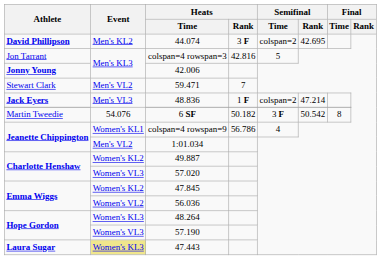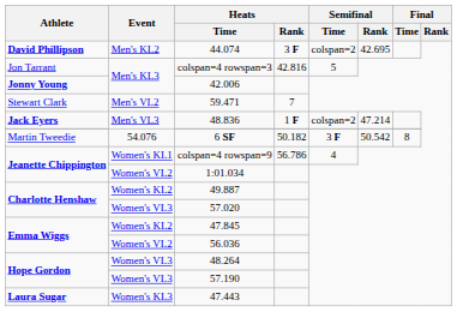 <table class="wikitable" style="font-size:90%">
 <tr>
 <th rowspan="2">Athlete</th>
 <th rowspan="2">Event</th>
 <th colspan="2">Heats</th>
 <th colspan="2">Semifinal</th>
 <th colspan="2">Final</th>
 </tr>
 <tr>
 <th>Time</th>
 <th>Rank</th>
 <th>Time</th>
 <th>Rank</th>
 <th>Time</th>
 <th>Rank</th>
 </tr>
 <tr align=center>
 <td align=left><strong><a href='#'>David Phillipson</a></strong></td>
 <td align=left><a href='#'>Men's KL2</a></td>
 <td>44.074</td>
 <td>3 <strong>F</strong></td>
 <td>colspan=2 </td>
 <td>42.695</td>
 <td></td>
 </tr>
 <tr align=center>
 <td align=left><a href='#'>Jon Tarrant</a></td>
 <td align=left rowspan="2"><a href='#'>Men's KL3</a></td>
 <td>colspan=4 rowspan=3 </td>
 <td>42.816</td>
 <td>5</td>
 </tr>
 <tr align=center>
 <td align=left><strong><a href='#'>Jonny Young</a></strong></td>
 <td>42.006</td>
 <td></td>
 </tr>
 <tr align=center>
 <td align=left><a href='#'>Stewart Clark</a></td>
 <td align=left><a href='#'>Men's VL2</a></td>
 <td>59.471</td>
 <td>7</td>
 </tr>
 <tr align=center>
 <td align=left><strong><a href='#'>Jack Eyers</a></strong></td>
 <td align=left rowspan="2"><a href='#'>Men's VL3</a></td>
 <td>48.836</td>
 <td>1 <strong>F</strong></td>
 <td>colspan=2 </td>
 <td>47.214</td>
 <td></td>
 </tr>
 <tr>
 </tr>
 <tr align=center>
 <td align=left><a href='#'>Martin Tweedie</a></td>
 <td>54.076</td>
 <td>6 <strong>SF</strong></td>
 <td>50.182</td>
 <td>3 <strong>F</strong></td>
 <td>50.542</td>
 <td>8</td>
 </tr>
 <tr align=center>
 <td align=left rowspan=2><strong><a href='#'>Jeanette Chippington</a></strong></td>
 <td align=left><a href='#'>Women's KL1</a></td>
 <td>colspan=4 rowspan=9 </td>
 <td>56.786</td>
 <td>4</td>
 </tr>
 <tr align=center>
-<td align=left><a href='#'>Men's VL2</a></td>
+<td align=left><a href='#'>Women's VL2</a></td>
 <td>1:01.034</td>
 <td></td>
 </tr>
 <tr align=center>
 <td align=left rowspan=2><strong><a href='#'>Charlotte Henshaw</a></strong></td>
 <td align=left><a href='#'>Women's KL2</a></td>
 <td>49.887</td>
 <td></td>
 </tr>
 <tr align=center>
 <td align=left><a href='#'>Women's VL3</a></td>
 <td>57.020</td>
 <td></td>
 </tr>
 <tr align=center>
 <td align=left rowspan=2><strong><a href='#'>Emma Wiggs</a></strong></td>
 <td align=left><a href='#'>Women's KL2</a></td>
 <td>47.845</td>
 <td></td>
 </tr>
 <tr align=center>
 <td align=left><a href='#'>Women's VL2</a></td>
 <td>56.036</td>
 <td></td>
 </tr>
 <tr align=center>
 <td align=left rowspan=2><strong><a href='#'>Hope Gordon</a></strong></td>
-<td align=left><a href='#'>Women's KL3</a></td>
+<td align=left><a href='#'>Women's VL3</a></td>
 <td>48.264</td>
 <td></td>
 </tr>
 <tr align=center>
 <td align=left><a href='#'>Women's VL3</a></td>
 <td>57.190</td>
 <td></td>
 </tr>
 <tr align=center>
 <td align=left rowspan=2><strong><a href='#'>Laura Sugar</a></strong></td>
-<td align=left style="background: khaki;"><a href='#'>Women's KL3</a></td>
+<td align=left><a href='#'>Women's KL3</a></td>
 <td>47.443</td>
 <td></td>
 </tr>
 </table>
